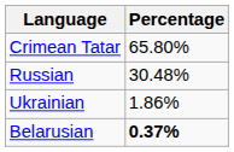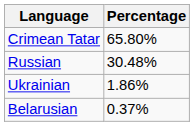 <table class="wikitable sortable">
 <tr>
 <th>Language</th>
 <th>Percentage</th>
 </tr>
 <tr>
 <td><a href='#'>Crimean Tatar</a></td>
 <td>65.80%</td>
 </tr>
 <tr>
 <td><a href='#'>Russian</a></td>
 <td>30.48%</td>
 </tr>
 <tr>
 <td><a href='#'>Ukrainian</a></td>
 <td>1.86%</td>
 </tr>
 <tr>
 <td><a href='#'>Belarusian</a></td>
-<td><strong>0.37%</strong></td>
+<td>0.37%</td>
 </tr>
 </table>
